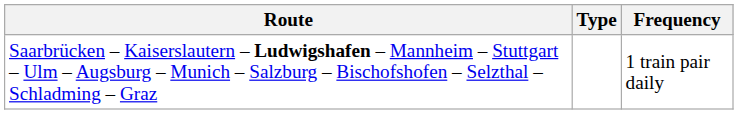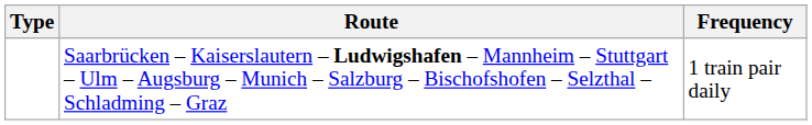 <table class="wikitable" style="text-align:left; background-color:white;">
 <tr bgcolor="d8d8d8">
+<th>Type</th>
 <th>Route</th>
-<th>Type</th>
 <th>Frequency</th>
 </tr>
 <tr>
+<td></td>
 <td><a href='#'>Saarbrücken</a> – <a href='#'>Kaiserslautern</a> – <strong>Ludwigshafen</strong> – <a href='#'>Mannheim</a> – <a href='#'>Stuttgart</a> – <a href='#'>Ulm</a> – <a href='#'>Augsburg</a> – <a href='#'>Munich</a> – <a href='#'>Salzburg</a> – <a href='#'>Bischofshofen</a> – <a href='#'>Selzthal</a> – <a href='#'>Schladming</a> – <a href='#'>Graz</a></td>
-<td></td>
 <td>1 train pair daily</td>
 </tr>
 </table>
